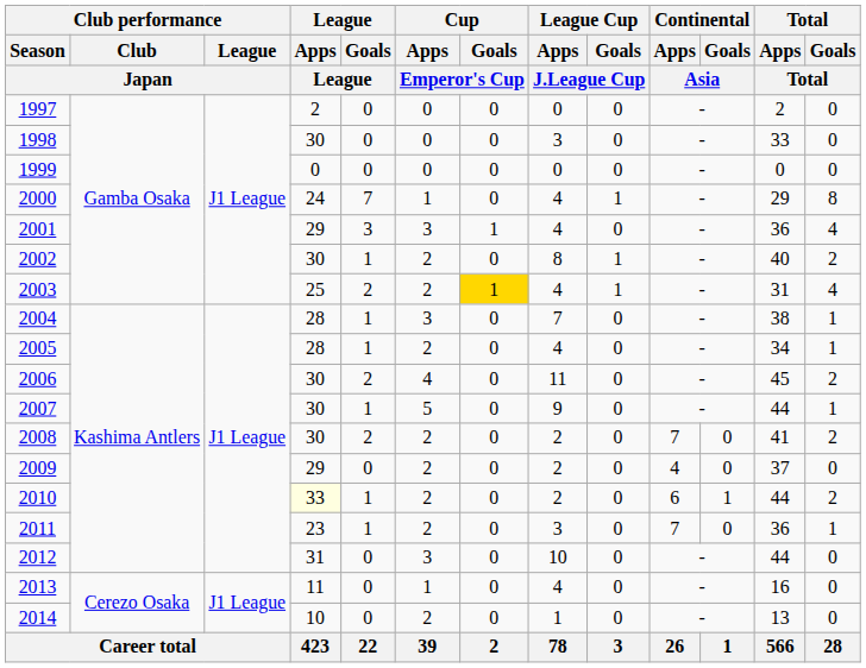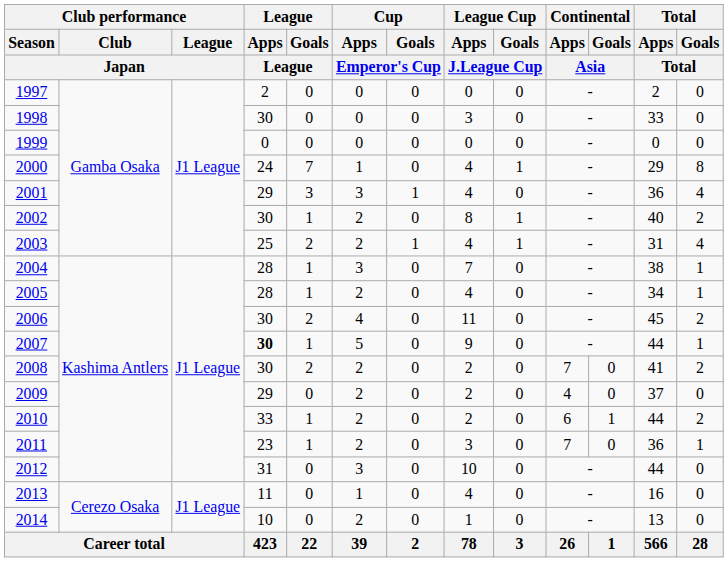 <table class="wikitable" style="text-align:center">
 <tr>
 <th colspan=3>Club performance</th>
 <th colspan=2>League</th>
 <th colspan=2>Cup</th>
 <th colspan=2>League Cup</th>
 <th colspan=2>Continental</th>
 <th colspan=2>Total</th>
 </tr>
 <tr>
 <th>Season</th>
 <th>Club</th>
 <th>League</th>
 <th>Apps</th>
 <th>Goals</th>
 <th>Apps</th>
 <th>Goals</th>
 <th>Apps</th>
 <th>Goals</th>
 <th>Apps</th>
 <th>Goals</th>
 <th>Apps</th>
 <th>Goals</th>
 </tr>
 <tr>
 <th colspan=3>Japan</th>
 <th colspan=2>League</th>
 <th colspan=2><a href='#'>Emperor's Cup</a></th>
 <th colspan=2><a href='#'>J.League Cup</a></th>
 <th colspan=2><a href='#'>Asia</a></th>
 <th colspan=2>Total</th>
 </tr>
 <tr>
 <td><a href='#'>1997</a></td>
 <td rowspan="7"><a href='#'>Gamba Osaka</a></td>
 <td rowspan="7"><a href='#'>J1 League</a></td>
 <td>2</td>
 <td>0</td>
 <td>0</td>
 <td>0</td>
 <td>0</td>
 <td>0</td>
 <td colspan="2">-</td>
 <td>2</td>
 <td>0</td>
 </tr>
 <tr>
 <td><a href='#'>1998</a></td>
 <td>30</td>
 <td>0</td>
 <td>0</td>
 <td>0</td>
 <td>3</td>
 <td>0</td>
 <td colspan="2">-</td>
 <td>33</td>
 <td>0</td>
 </tr>
 <tr>
 <td><a href='#'>1999</a></td>
 <td>0</td>
 <td>0</td>
 <td>0</td>
 <td>0</td>
 <td>0</td>
 <td>0</td>
 <td colspan="2">-</td>
 <td>0</td>
 <td>0</td>
 </tr>
 <tr>
 <td><a href='#'>2000</a></td>
 <td>24</td>
 <td>7</td>
 <td>1</td>
 <td>0</td>
 <td>4</td>
 <td>1</td>
 <td colspan="2">-</td>
 <td>29</td>
 <td>8</td>
 </tr>
 <tr>
 <td><a href='#'>2001</a></td>
 <td>29</td>
 <td>3</td>
 <td>3</td>
 <td>1</td>
 <td>4</td>
 <td>0</td>
 <td colspan="2">-</td>
 <td>36</td>
 <td>4</td>
 </tr>
 <tr>
 <td><a href='#'>2002</a></td>
 <td>30</td>
 <td>1</td>
 <td>2</td>
 <td>0</td>
 <td>8</td>
 <td>1</td>
 <td colspan="2">-</td>
 <td>40</td>
 <td>2</td>
 </tr>
 <tr>
 <td><a href='#'>2003</a></td>
 <td>25</td>
 <td>2</td>
 <td>2</td>
-<td style="background: gold;">1</td>
+<td>1</td>
 <td>4</td>
 <td>1</td>
 <td colspan="2">-</td>
 <td>31</td>
 <td>4</td>
 </tr>
 <tr>
 <td><a href='#'>2004</a></td>
 <td rowspan="9"><a href='#'>Kashima Antlers</a></td>
 <td rowspan="9"><a href='#'>J1 League</a></td>
 <td>28</td>
 <td>1</td>
 <td>3</td>
 <td>0</td>
 <td>7</td>
 <td>0</td>
 <td colspan="2">-</td>
 <td>38</td>
 <td>1</td>
 </tr>
 <tr>
 <td><a href='#'>2005</a></td>
 <td>28</td>
 <td>1</td>
 <td>2</td>
 <td>0</td>
 <td>4</td>
 <td>0</td>
 <td colspan="2">-</td>
 <td>34</td>
 <td>1</td>
 </tr>
 <tr>
 <td><a href='#'>2006</a></td>
 <td>30</td>
 <td>2</td>
 <td>4</td>
 <td>0</td>
 <td>11</td>
 <td>0</td>
 <td colspan="2">-</td>
 <td>45</td>
 <td>2</td>
 </tr>
 <tr>
 <td><a href='#'>2007</a></td>
-<td>30</td>
+<td><strong>30</strong></td>
 <td>1</td>
 <td>5</td>
 <td>0</td>
 <td>9</td>
 <td>0</td>
 <td colspan="2">-</td>
 <td>44</td>
 <td>1</td>
 </tr>
 <tr>
 <td><a href='#'>2008</a></td>
 <td>30</td>
 <td>2</td>
 <td>2</td>
 <td>0</td>
 <td>2</td>
 <td>0</td>
 <td>7</td>
 <td>0</td>
 <td>41</td>
 <td>2</td>
 </tr>
 <tr>
 <td><a href='#'>2009</a></td>
 <td>29</td>
 <td>0</td>
 <td>2</td>
 <td>0</td>
 <td>2</td>
 <td>0</td>
 <td>4</td>
 <td>0</td>
 <td>37</td>
 <td>0</td>
 </tr>
 <tr>
 <td><a href='#'>2010</a></td>
-<td style="background: lightyellow;">33</td>
+<td>33</td>
 <td>1</td>
 <td>2</td>
 <td>0</td>
 <td>2</td>
 <td>0</td>
 <td>6</td>
 <td>1</td>
 <td>44</td>
 <td>2</td>
 </tr>
 <tr>
 <td><a href='#'>2011</a></td>
 <td>23</td>
 <td>1</td>
 <td>2</td>
 <td>0</td>
 <td>3</td>
 <td>0</td>
 <td>7</td>
 <td>0</td>
 <td>36</td>
 <td>1</td>
 </tr>
 <tr>
 <td><a href='#'>2012</a></td>
 <td>31</td>
 <td>0</td>
 <td>3</td>
 <td>0</td>
 <td>10</td>
 <td>0</td>
 <td colspan="2">-</td>
 <td>44</td>
 <td>0</td>
 </tr>
 <tr>
 <td><a href='#'>2013</a></td>
 <td rowspan="2"><a href='#'>Cerezo Osaka</a></td>
 <td rowspan="2"><a href='#'>J1 League</a></td>
 <td>11</td>
 <td>0</td>
 <td>1</td>
 <td>0</td>
 <td>4</td>
 <td>0</td>
 <td colspan="2">-</td>
 <td>16</td>
 <td>0</td>
 </tr>
 <tr>
 <td><a href='#'>2014</a></td>
 <td>10</td>
 <td>0</td>
 <td>2</td>
 <td>0</td>
 <td>1</td>
 <td>0</td>
 <td colspan="2">-</td>
 <td>13</td>
 <td>0</td>
 </tr>
 <tr>
 <th colspan=3>Career total</th>
 <th>423</th>
 <th>22</th>
 <th>39</th>
 <th>2</th>
 <th>78</th>
 <th>3</th>
 <th>26</th>
 <th>1</th>
 <th>566</th>
 <th>28</th>
 </tr>
 </table>
